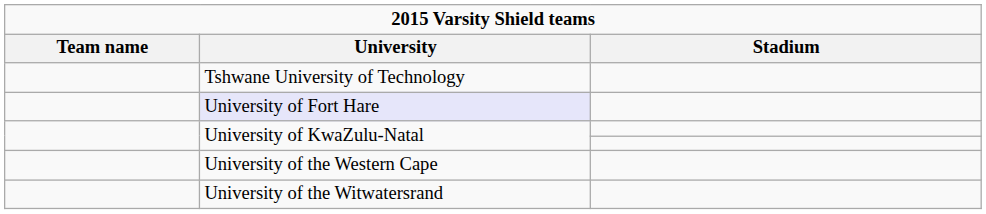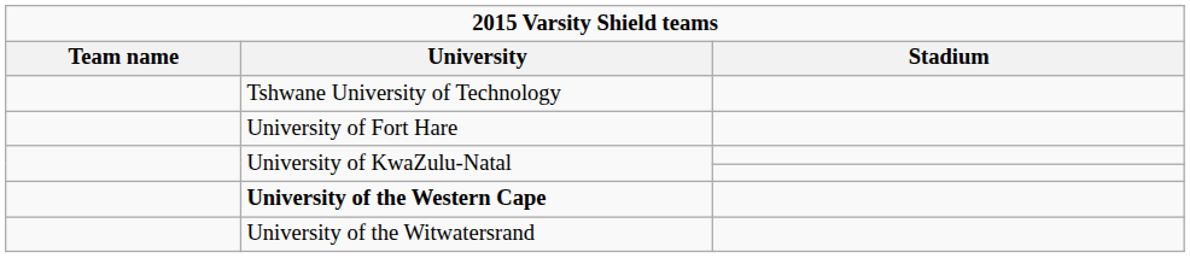 <table class="wikitable" style="text-align:left; line-height:110%; font-size:90%; width:60%;">
 <tr>
 <td colspan=4 align=center><strong>2015 Varsity Shield teams</strong></td>
 </tr>
 <tr>
 <th width="20%">Team name</th>
 <th width="40%">University</th>
 <th width="40%">Stadium</th>
 </tr>
 <tr>
 <td></td>
 <td>Tshwane University of Technology</td>
 <td></td>
 </tr>
 <tr>
 <td></td>
-<td style="background: lavender;">University of Fort Hare</td>
+<td>University of Fort Hare</td>
 <td></td>
 </tr>
 <tr>
 <td rowspan=2></td>
 <td rowspan=2>University of KwaZulu-Natal</td>
 <td></td>
 </tr>
 <tr>
 <td></td>
 </tr>
 <tr>
 <td></td>
-<td>University of the Western Cape</td>
+<td><strong>University of the Western Cape</strong></td>
 <td></td>
 </tr>
 <tr>
 <td></td>
 <td>University of the Witwatersrand</td>
 <td></td>
 </tr>
 </table>
